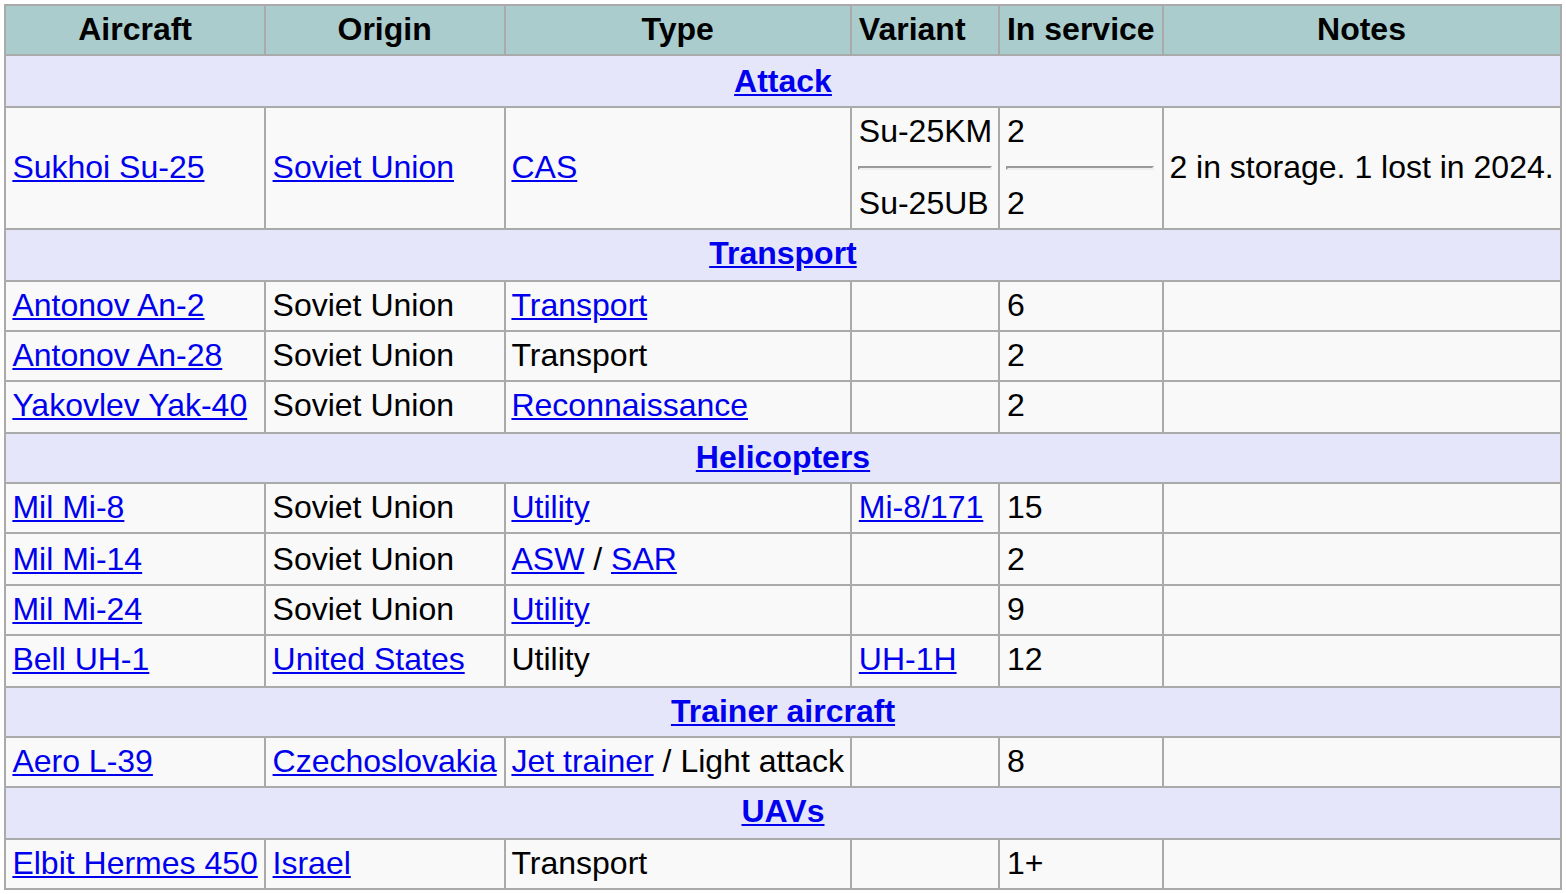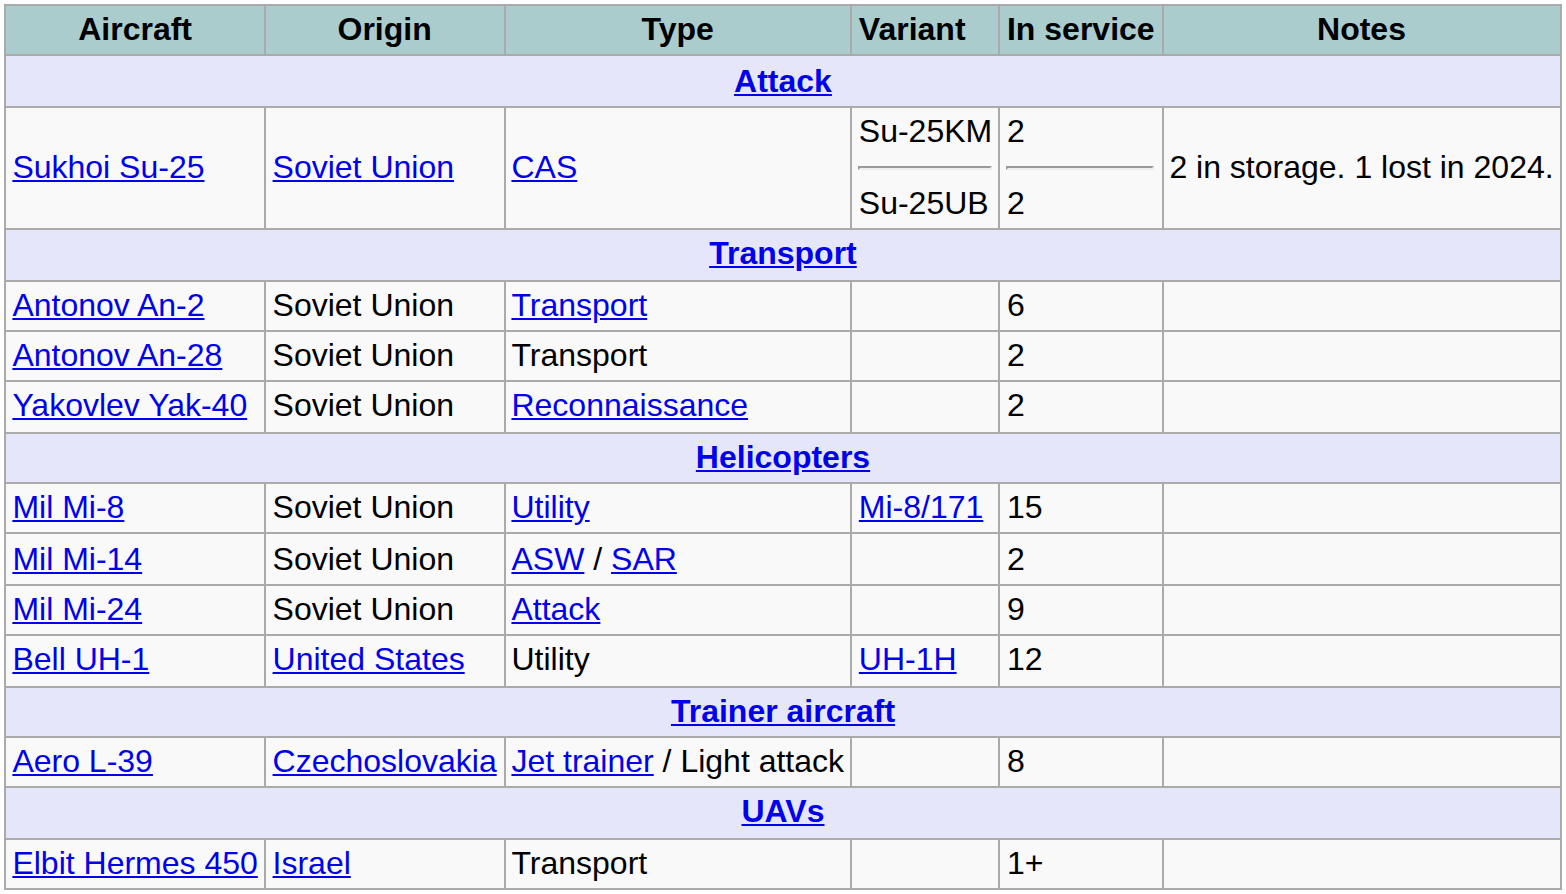 <table class="wikitable">
 <tr>
 <th style="text-align:center; background:#acc;">Aircraft</th>
 <th style="text-align: center; background:#acc;">Origin</th>
 <th style="text-align:l center; background:#acc;">Type</th>
 <th style="text-align:left; background:#acc;">Variant</th>
 <th style="text-align:center; background:#acc;">In service</th>
 <th style="text-align: center; background:#acc;">Notes</th>
 </tr>
 <tr>
 <th style="align: center; background: lavender;" colspan="7"><a href='#'>Attack</a></th>
 </tr>
 <tr>
 <td><a href='#'>Sukhoi Su-25</a></td>
 <td><a href='#'>Soviet Union</a></td>
 <td><a href='#'>CAS</a></td>
 <td>Su-25KM<hr>Su-25UB</td>
 <td>2<hr>2</td>
 <td>2 in storage. 1 lost in 2024.</td>
 </tr>
 <tr>
 <th style="align: center; background: lavender;" colspan="7"><a href='#'>Transport</a></th>
 </tr>
 <tr>
 <td><a href='#'>Antonov An-2</a></td>
 <td>Soviet Union</td>
 <td><a href='#'>Transport</a></td>
 <td></td>
 <td>6</td>
 <td></td>
 </tr>
 <tr>
 <td><a href='#'>Antonov An-28</a></td>
 <td>Soviet Union</td>
 <td>Transport</td>
 <td></td>
 <td>2</td>
 <td></td>
 </tr>
 <tr>
 <td><a href='#'>Yakovlev Yak-40</a></td>
 <td>Soviet Union</td>
 <td><a href='#'>Reconnaissance</a></td>
 <td></td>
 <td>2</td>
 <td></td>
 </tr>
 <tr>
 <th style="align: center; background: lavender;" colspan="7"><a href='#'>Helicopters</a></th>
 </tr>
 <tr>
 <td><a href='#'>Mil Mi-8</a></td>
 <td>Soviet Union</td>
 <td><a href='#'>Utility</a></td>
 <td><a href='#'>Mi-8/171</a></td>
 <td>15</td>
 <td></td>
 </tr>
 <tr>
 <td><a href='#'>Mil Mi-14</a></td>
 <td>Soviet Union</td>
 <td><a href='#'>ASW</a> / <a href='#'>SAR</a></td>
 <td></td>
 <td>2</td>
 <td></td>
 </tr>
 <tr>
 <td><a href='#'>Mil Mi-24</a></td>
 <td>Soviet Union</td>
-<td><a href='#'>Utility</a></td>
+<td><a href='#'>Attack</a></td>
 <td></td>
 <td>9</td>
 <td></td>
 </tr>
 <tr>
 <td><a href='#'>Bell UH-1</a></td>
 <td><a href='#'>United States</a></td>
 <td>Utility</td>
 <td><a href='#'>UH-1H</a></td>
 <td>12</td>
 <td></td>
 </tr>
 <tr>
 <th style="align: center; background: lavender;" colspan="7"><a href='#'>Trainer aircraft</a></th>
 </tr>
 <tr>
 <td><a href='#'>Aero L-39</a></td>
 <td><a href='#'>Czechoslovakia</a></td>
 <td><a href='#'>Jet trainer</a> / Light attack</td>
 <td></td>
 <td>8</td>
 <td></td>
 </tr>
 <tr>
 <th style="align: center; background: lavender;" colspan="7"><a href='#'>UAVs</a></th>
 </tr>
 <tr>
 <td><a href='#'>Elbit Hermes 450</a></td>
 <td><a href='#'>Israel</a></td>
 <td>Transport</td>
 <td></td>
 <td>1+</td>
 <td></td>
 </tr>
 <tr>
 </tr>
 </table>
